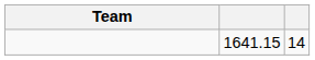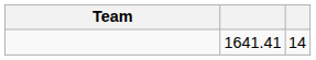 <table class="wikitable">
 <tr>
 <th width=210>Team</th>
 <th></th>
 <th></th>
 </tr>
 <tr>
 <td><strong></strong></td>
-<td align=right>1641.15</td>
+<td align=right>1641.41</td>
 <td align=center>14</td>
 </tr>
 </table>
